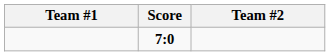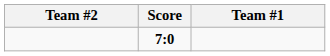 <table class="wikitable" style="text-align:center;">
 <tr>
+<th width=140>Team #2</th>
+<th width=50>Score</th>
 <th width=140>Team #1</th>
-<th width=50>Score</th>
-<th width=140>Team #2</th>
 </tr>
 <tr>
+<td style="text-align:left;"></td>
+<td><strong>7:0</strong></td>
 <td style="text-align:right;"></td>
-<td><strong>7:0</strong></td>
-<td style="text-align:left;"></td>
 </tr>
 </table>
